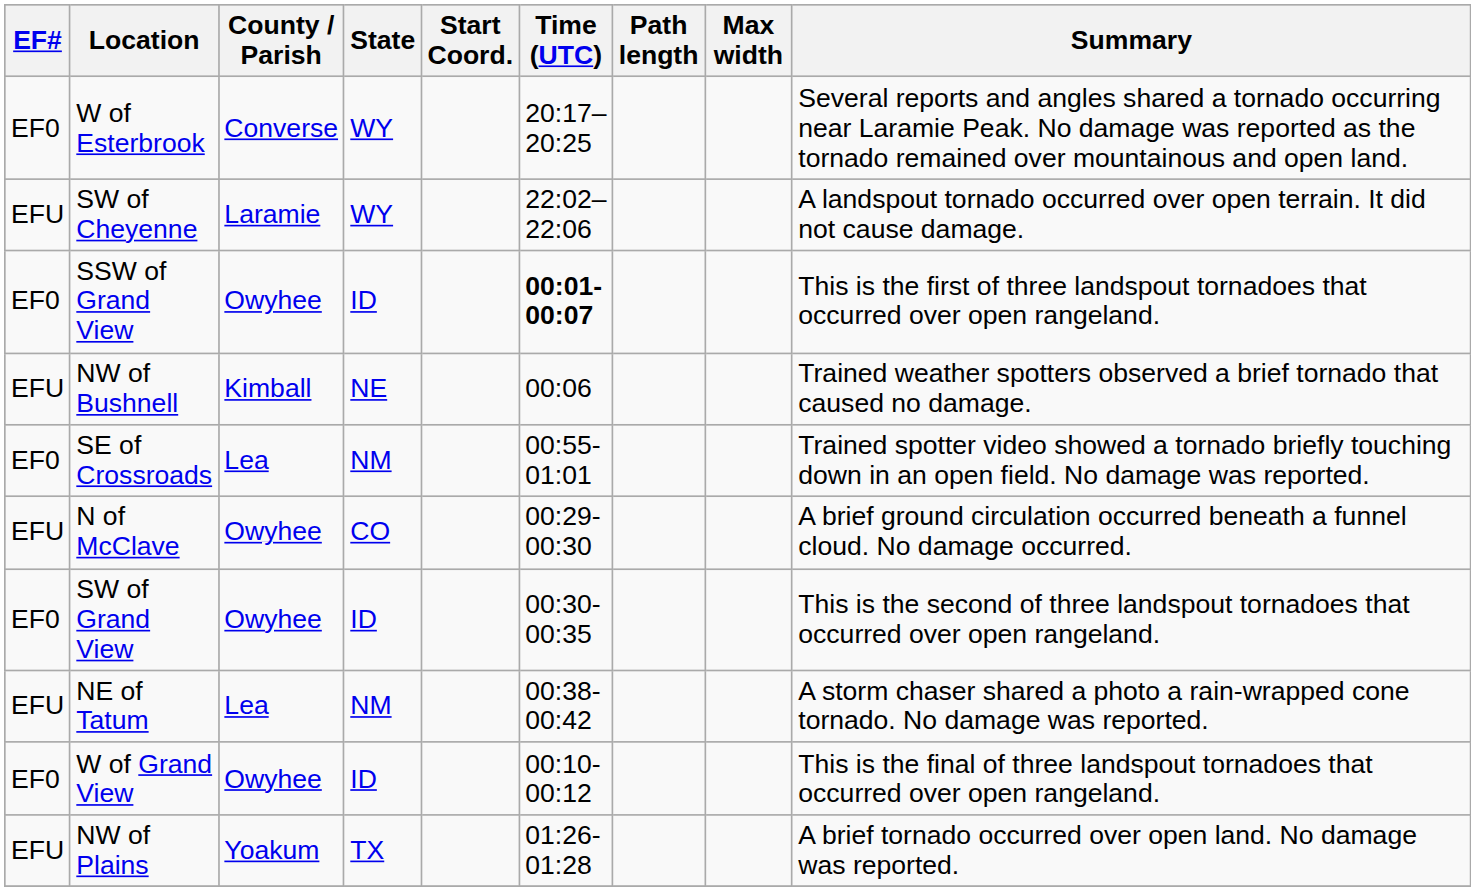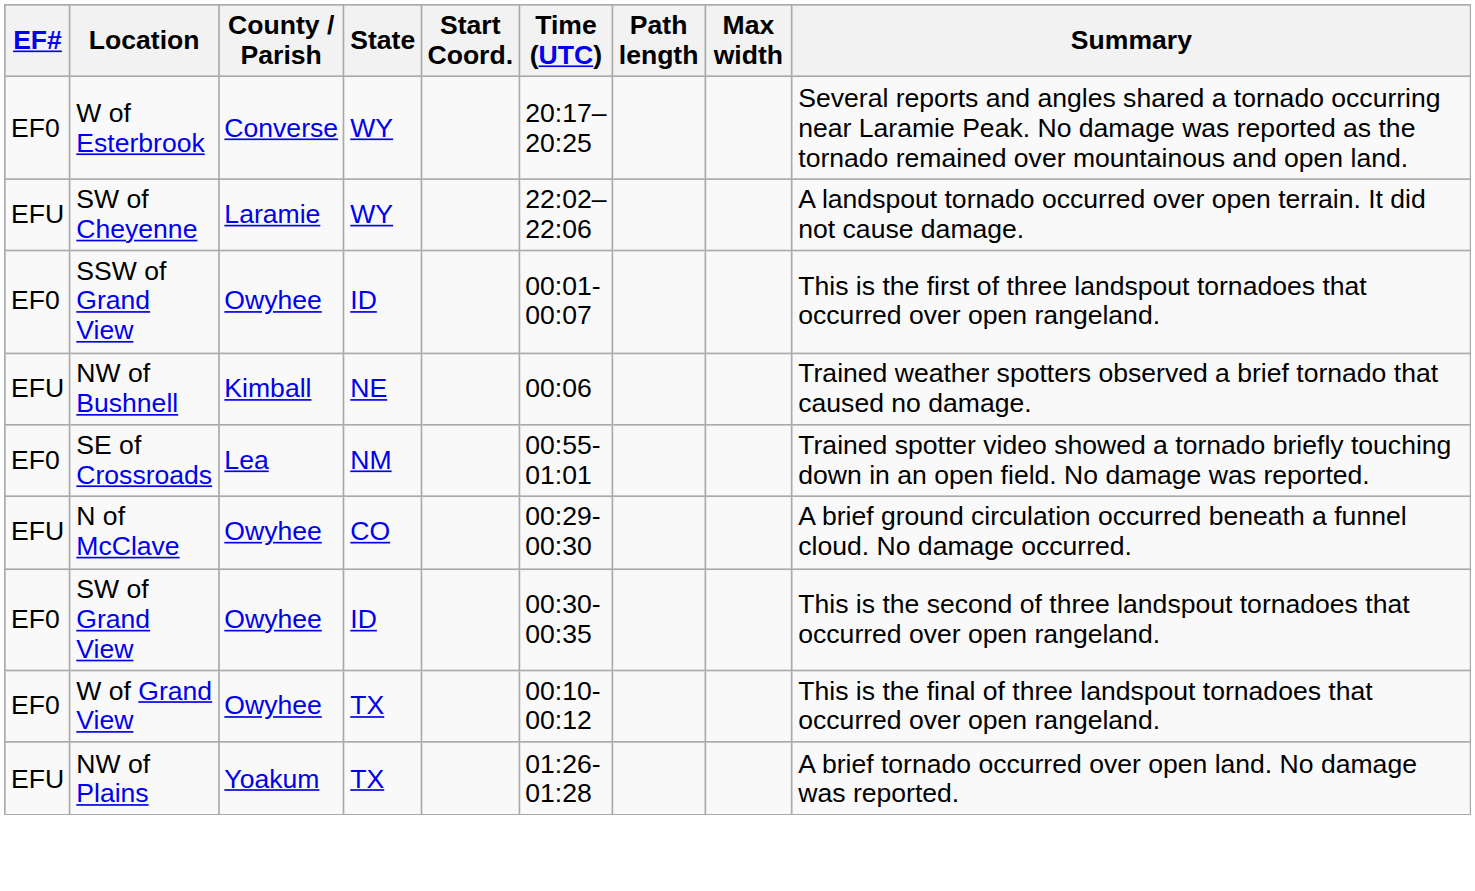 <table class="wikitable sortable" style="width:100%;">
 <tr>
 <th scope="col"  style="width:3%; text-align:center;"><a href='#'>EF#</a></th>
 <th scope="col"  style="width:7%; text-align:center;" class="unsortable">Location</th>
 <th scope="col"  style="width:6%; text-align:center;" class="unsortable">County / Parish</th>
 <th scope="col"  style="width:5%; text-align:center;">State</th>
 <th scope="col"  style="width:6%; text-align:center;">Start Coord.</th>
 <th scope="col"  style="width:6%; text-align:center;">Time (<a href='#'>UTC</a>)</th>
 <th scope="col"  style="width:6%; text-align:center;">Path length</th>
 <th scope="col"  style="width:6%; text-align:center;">Max width</th>
 <th scope="col" class="unsortable" style="width:48%; text-align:center;">Summary</th>
 </tr>
 <tr>
 <td>EF0</td>
 <td>W of <a href='#'>Esterbrook</a></td>
 <td><a href='#'>Converse</a></td>
 <td><a href='#'>WY</a></td>
 <td></td>
 <td>20:17–20:25</td>
 <td></td>
 <td></td>
 <td>Several reports and angles shared a tornado occurring near Laramie Peak. No damage was reported as the tornado remained over mountainous and open land.</td>
 </tr>
 <tr>
 <td>EFU</td>
 <td>SW of <a href='#'>Cheyenne</a></td>
 <td><a href='#'>Laramie</a></td>
 <td><a href='#'>WY</a></td>
 <td></td>
 <td>22:02–22:06</td>
 <td></td>
 <td></td>
 <td>A landspout tornado occurred over open terrain. It did not cause damage.</td>
 </tr>
 <tr>
 <td>EF0</td>
 <td>SSW of <a href='#'>Grand View</a></td>
 <td><a href='#'>Owyhee</a></td>
 <td><a href='#'>ID</a></td>
 <td></td>
-<td><strong>00:01-00:07</strong></td>
+<td>00:01-00:07</td>
 <td></td>
 <td></td>
 <td>This is the first of three landspout tornadoes that occurred over open rangeland.</td>
 </tr>
 <tr>
 <td>EFU</td>
 <td>NW of <a href='#'>Bushnell</a></td>
 <td><a href='#'>Kimball</a></td>
 <td><a href='#'>NE</a></td>
 <td></td>
 <td>00:06</td>
 <td></td>
 <td></td>
 <td>Trained weather spotters observed a brief tornado that caused no damage.</td>
 </tr>
 <tr>
 <td>EF0</td>
 <td>SE of <a href='#'>Crossroads</a></td>
 <td><a href='#'>Lea</a></td>
 <td><a href='#'>NM</a></td>
 <td></td>
 <td>00:55-01:01</td>
 <td></td>
 <td></td>
 <td>Trained spotter video showed a tornado briefly touching down in an open field. No damage was reported.</td>
 </tr>
 <tr>
 <td>EFU</td>
 <td>N of <a href='#'>McClave</a></td>
 <td><a href='#'>Owyhee</a></td>
 <td><a href='#'>CO</a></td>
 <td></td>
 <td>00:29-00:30</td>
 <td></td>
 <td></td>
 <td>A brief ground circulation occurred beneath a funnel cloud. No damage occurred.</td>
 </tr>
 <tr>
 <td>EF0</td>
 <td>SW of <a href='#'>Grand View</a></td>
 <td><a href='#'>Owyhee</a></td>
 <td><a href='#'>ID</a></td>
 <td></td>
 <td>00:30-00:35</td>
 <td></td>
 <td></td>
 <td>This is the second of three landspout tornadoes that occurred over open rangeland.</td>
 </tr>
 <tr>
-<td>EFU</td>
-<td>NE of <a href='#'>Tatum</a></td>
-<td><a href='#'>Lea</a></td>
-<td><a href='#'>NM</a></td>
-<td></td>
-<td>00:38-00:42</td>
-<td></td>
-<td></td>
-<td>A storm chaser shared a photo a rain-wrapped cone tornado. No damage was reported.</td>
-</tr>
-<tr>
 <td>EF0</td>
 <td>W of <a href='#'>Grand View</a></td>
 <td><a href='#'>Owyhee</a></td>
-<td><a href='#'>ID</a></td>
+<td><a href='#'>TX</a></td>
 <td></td>
 <td>00:10-00:12</td>
 <td></td>
 <td></td>
 <td>This is the final of three landspout tornadoes that occurred over open rangeland.</td>
 </tr>
 <tr>
 <td>EFU</td>
 <td>NW of <a href='#'>Plains</a></td>
 <td><a href='#'>Yoakum</a></td>
 <td><a href='#'>TX</a></td>
 <td></td>
 <td>01:26-01:28</td>
 <td></td>
 <td></td>
 <td>A brief tornado occurred over open land. No damage was reported.</td>
 </tr>
 <tr>
 </tr>
 </table>
